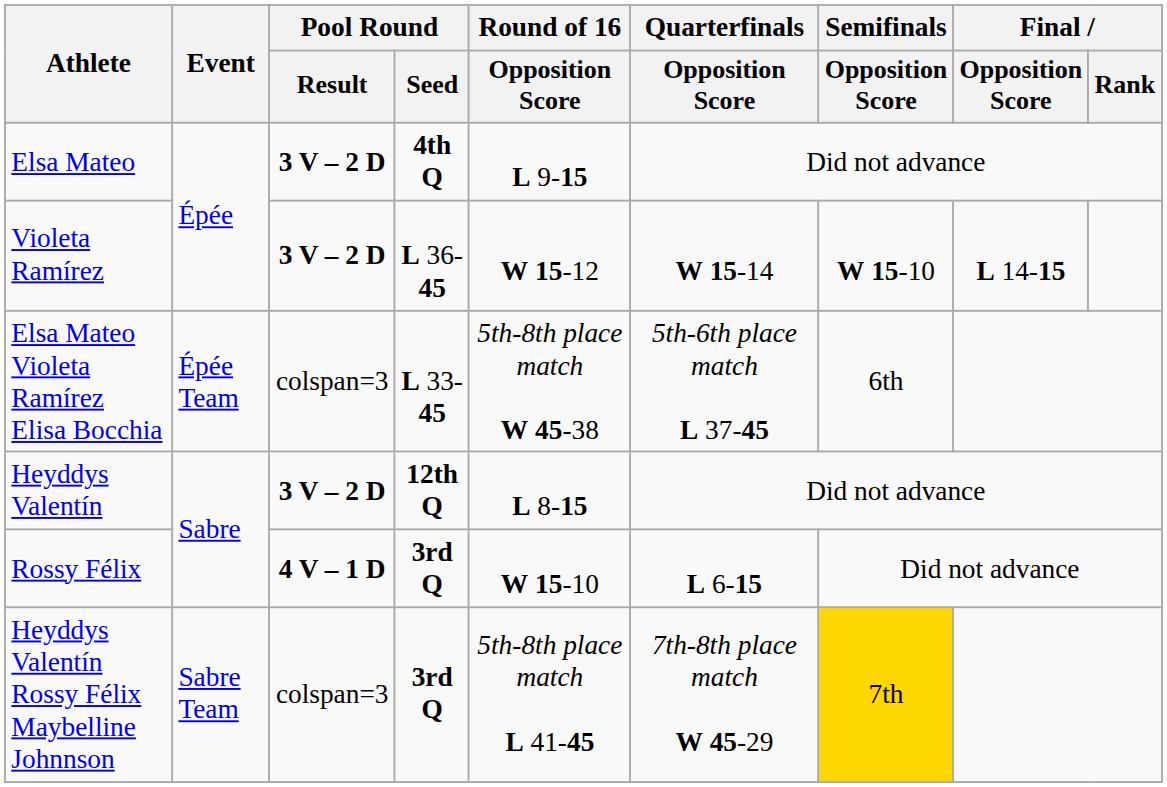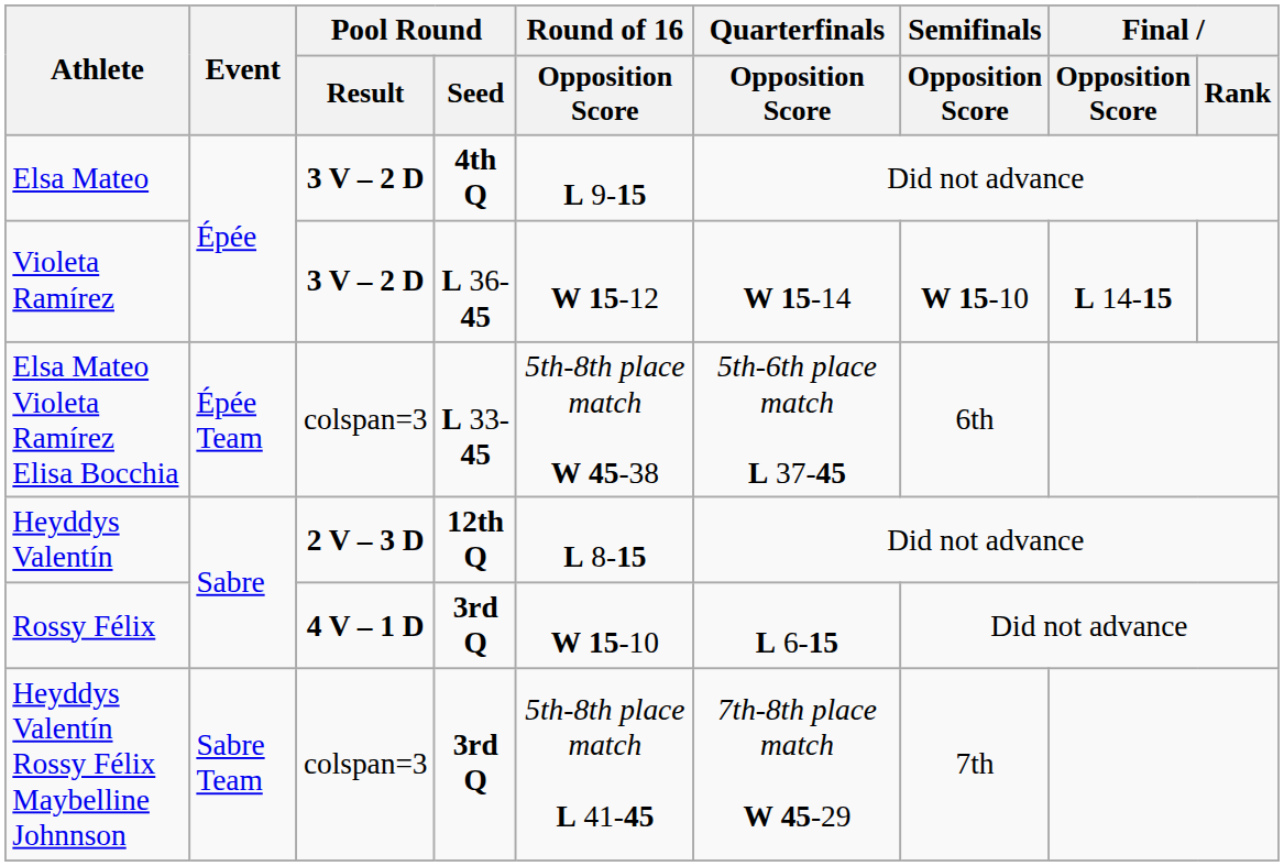 <table class=wikitable style="font-size:90%">
 <tr>
 <th rowspan="2">Athlete</th>
 <th rowspan="2">Event</th>
 <th colspan=2>Pool Round</th>
 <th>Round of 16</th>
 <th>Quarterfinals</th>
 <th>Semifinals</th>
 <th colspan=2>Final / </th>
 </tr>
 <tr style="font-size:95%">
 <th>Result</th>
 <th>Seed</th>
 <th>Opposition<br>Score</th>
 <th>Opposition<br>Score</th>
 <th>Opposition<br>Score</th>
 <th>Opposition<br>Score</th>
 <th>Rank</th>
 </tr>
 <tr align=center>
 <td align=left><a href='#'>Elsa Mateo</a></td>
 <td align=left rowspan=2><a href='#'>Épée</a></td>
 <td align=center><strong>3 V – 2 D</strong></td>
 <td align=center><strong>4th Q</strong></td>
 <td align=center><br><strong>L</strong> 9-<strong>15</strong></td>
 <td align=center colspan="5">Did not advance</td>
 </tr>
 <tr align=center>
 <td align=left><a href='#'>Violeta Ramírez</a></td>
 <td align=center><strong>3 V – 2 D</strong></td>
 <td align=center> <br><strong>L</strong> 36-<strong>45</strong></td>
 <td align=center><br><strong>W</strong> <strong>15</strong>-12</td>
 <td align=center><br><strong>W</strong> <strong>15</strong>-14</td>
 <td align=center><br><strong>W</strong> <strong>15</strong>-10</td>
 <td align=center><br><strong>L</strong> 14-<strong>15</strong></td>
 <td></td>
 </tr>
 <tr align=center>
 <td align=left><a href='#'>Elsa Mateo</a><br><a href='#'>Violeta Ramírez</a><br><a href='#'>Elisa Bocchia</a></td>
 <td align=left><a href='#'>Épée Team</a></td>
 <td>colspan=3 </td>
 <td align=center><br><strong>L</strong> 33-<strong>45</strong></td>
 <td><em>5th-8th place match</em><br><br><strong>W</strong> <strong>45</strong>-38</td>
 <td><em>5th-6th place match</em><br><br><strong>L</strong> 37-<strong>45</strong></td>
 <td>6th</td>
 </tr>
 <tr align=center>
 <td align=left><a href='#'>Heyddys Valentín</a></td>
 <td align=left rowspan=2><a href='#'>Sabre</a></td>
-<td align=center><strong>3 V – 2 D</strong></td>
+<td align=center><strong>2 V – 3 D</strong></td>
 <td align=center><strong>12th Q</strong></td>
 <td align=center><br><strong>L</strong> 8-<strong>15</strong></td>
 <td align=center colspan="5">Did not advance</td>
 </tr>
 <tr align=center>
 <td align=left><a href='#'>Rossy Félix</a></td>
 <td align=center><strong>4 V – 1 D</strong></td>
 <td align=center><strong>3rd Q</strong></td>
 <td align=center><br><strong>W</strong> <strong>15</strong>-10</td>
 <td align=center><br><strong>L</strong> 6-<strong>15</strong></td>
 <td align=center colspan="5">Did not advance</td>
 </tr>
 <tr align=center>
 <td align=left><a href='#'>Heyddys Valentín</a><br><a href='#'>Rossy Félix</a><br><a href='#'>Maybelline Johnnson</a></td>
 <td align=left><a href='#'>Sabre Team</a></td>
 <td>colspan=3 </td>
 <td align=center><strong>3rd Q</strong></td>
 <td><em>5th-8th place match</em><br><br><strong>L</strong> 41-<strong>45</strong></td>
 <td><em>7th-8th place match</em><br><br><strong>W</strong> <strong>45</strong>-29</td>
-<td style="background: gold;">7th</td>
+<td>7th</td>
 </tr>
 </table>
